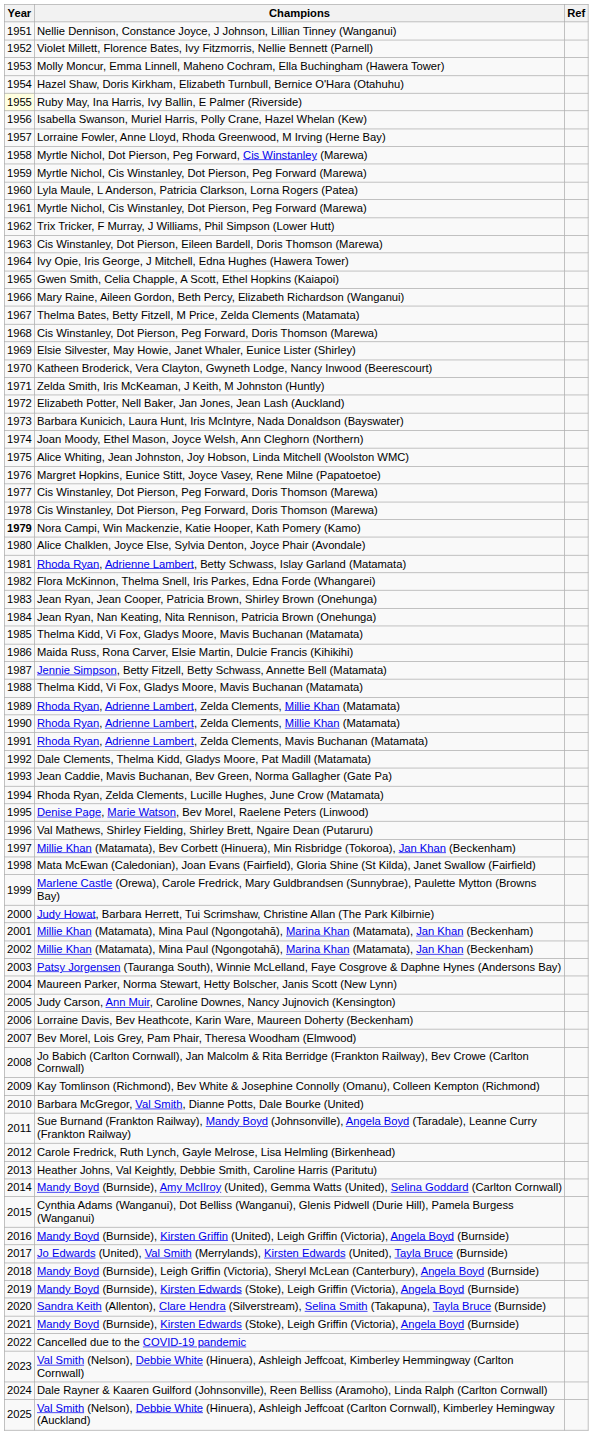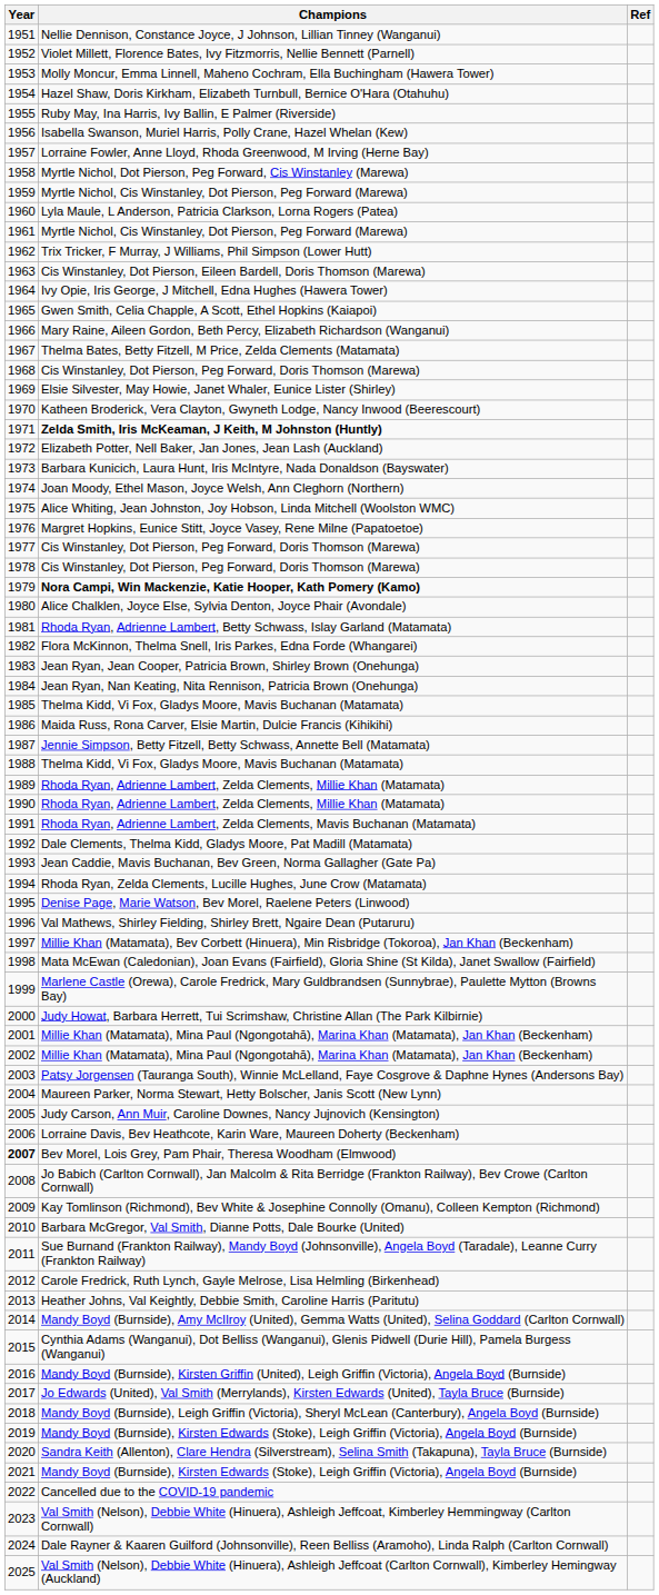 <table class="sortable wikitable">
 <tr>
 <th width="30">Year</th>
 <th width="750">Champions</th>
 <th width="20">Ref</th>
 </tr>
 <tr>
 <td align=center>1951</td>
 <td>Nellie Dennison, Constance Joyce, J Johnson, Lillian Tinney (Wanganui)</td>
 <td></td>
 </tr>
 <tr>
 <td align=center>1952</td>
 <td>Violet Millett, Florence Bates, Ivy Fitzmorris, Nellie Bennett (Parnell)</td>
 <td></td>
 </tr>
 <tr>
 <td align=center>1953</td>
 <td>Molly Moncur, Emma Linnell, Maheno Cochram, Ella Buchingham (Hawera Tower)</td>
 <td></td>
 </tr>
 <tr>
 <td align=center>1954</td>
 <td>Hazel Shaw, Doris Kirkham, Elizabeth Turnbull, Bernice O'Hara (Otahuhu)</td>
 <td></td>
 </tr>
 <tr>
-<td align=center style="background: lightyellow;">1955</td>
+<td align=center>1955</td>
 <td>Ruby May, Ina Harris, Ivy Ballin, E Palmer (Riverside)</td>
 <td></td>
 </tr>
 <tr>
 <td align=center>1956</td>
 <td>Isabella Swanson, Muriel Harris, Polly Crane, Hazel Whelan (Kew)</td>
 <td></td>
 </tr>
 <tr>
 <td align=center>1957</td>
 <td>Lorraine Fowler, Anne Lloyd, Rhoda Greenwood, M Irving (Herne Bay)</td>
 <td></td>
 </tr>
 <tr>
 <td align=center>1958</td>
 <td>Myrtle Nichol, Dot Pierson, Peg Forward, <a href='#'>Cis Winstanley</a> (Marewa)</td>
 <td></td>
 </tr>
 <tr>
 <td align=center>1959</td>
 <td>Myrtle Nichol, Cis Winstanley, Dot Pierson, Peg Forward (Marewa)</td>
 <td></td>
 </tr>
 <tr>
 <td align=center>1960</td>
 <td>Lyla Maule, L Anderson, Patricia Clarkson, Lorna Rogers (Patea)</td>
 <td></td>
 </tr>
 <tr>
 <td align=center>1961</td>
 <td>Myrtle Nichol, Cis Winstanley, Dot Pierson, Peg Forward (Marewa)</td>
 <td></td>
 </tr>
 <tr>
 <td align=center>1962</td>
 <td>Trix Tricker, F Murray, J Williams, Phil Simpson (Lower Hutt)</td>
 <td></td>
 </tr>
 <tr>
 <td align=center>1963</td>
 <td>Cis Winstanley, Dot Pierson, Eileen Bardell, Doris Thomson (Marewa)</td>
 <td></td>
 </tr>
 <tr>
 <td align=center>1964</td>
 <td>Ivy Opie, Iris George, J Mitchell, Edna Hughes (Hawera Tower)</td>
 <td></td>
 </tr>
 <tr>
 <td align=center>1965</td>
 <td>Gwen Smith, Celia Chapple, A Scott, Ethel Hopkins (Kaiapoi)</td>
 <td></td>
 </tr>
 <tr>
 <td align=center>1966</td>
 <td>Mary Raine, Aileen Gordon, Beth Percy, Elizabeth Richardson (Wanganui)</td>
 <td></td>
 </tr>
 <tr>
 <td align=center>1967</td>
 <td>Thelma Bates, Betty Fitzell, M Price, Zelda Clements (Matamata)</td>
 <td></td>
 </tr>
 <tr>
 <td align=center>1968</td>
 <td>Cis Winstanley, Dot Pierson, Peg Forward, Doris Thomson (Marewa)</td>
 <td></td>
 </tr>
 <tr>
 <td align=center>1969</td>
 <td>Elsie Silvester, May Howie, Janet Whaler, Eunice Lister (Shirley)</td>
 <td></td>
 </tr>
 <tr>
 <td align=center>1970</td>
 <td>Katheen Broderick, Vera Clayton, Gwyneth Lodge, Nancy Inwood (Beerescourt)</td>
 <td></td>
 </tr>
 <tr>
 <td align=center>1971</td>
-<td>Zelda Smith, Iris McKeaman, J Keith, M Johnston (Huntly)</td>
+<td><strong>Zelda Smith, Iris McKeaman, J Keith, M Johnston (Huntly)</strong></td>
 <td></td>
 </tr>
 <tr>
 <td align=center>1972</td>
 <td>Elizabeth Potter, Nell Baker, Jan Jones, Jean Lash (Auckland)</td>
 <td></td>
 </tr>
 <tr>
 <td align=center>1973</td>
 <td>Barbara Kunicich, Laura Hunt, Iris McIntyre, Nada Donaldson (Bayswater)</td>
 <td></td>
 </tr>
 <tr>
 <td align=center>1974</td>
 <td>Joan Moody, Ethel Mason, Joyce Welsh, Ann Cleghorn (Northern)</td>
 <td></td>
 </tr>
 <tr>
 <td align=center>1975</td>
 <td>Alice Whiting, Jean Johnston, Joy Hobson, Linda Mitchell (Woolston WMC)</td>
 <td></td>
 </tr>
 <tr>
 <td align=center>1976</td>
 <td>Margret Hopkins, Eunice Stitt, Joyce Vasey, Rene Milne (Papatoetoe)</td>
 <td></td>
 </tr>
 <tr>
 <td align=center>1977</td>
 <td>Cis Winstanley, Dot Pierson, Peg Forward, Doris Thomson (Marewa)</td>
 <td></td>
 </tr>
 <tr>
 <td align=center>1978</td>
 <td>Cis Winstanley, Dot Pierson, Peg Forward, Doris Thomson (Marewa)</td>
 <td></td>
 </tr>
 <tr>
-<td align=center><strong>1979</strong></td>
-<td>Nora Campi, Win Mackenzie, Katie Hooper, Kath Pomery (Kamo)</td>
+<td align=center>1979</td>
+<td><strong>Nora Campi, Win Mackenzie, Katie Hooper, Kath Pomery (Kamo)</strong></td>
 <td></td>
 </tr>
 <tr>
 <td align=center>1980</td>
 <td>Alice Chalklen, Joyce Else, Sylvia Denton, Joyce Phair (Avondale)</td>
 <td></td>
 </tr>
 <tr>
 <td align=center>1981</td>
 <td><a href='#'>Rhoda Ryan</a>, <a href='#'>Adrienne Lambert</a>, Betty Schwass, Islay Garland (Matamata)</td>
 <td></td>
 </tr>
 <tr>
 <td align=center>1982</td>
 <td>Flora McKinnon, Thelma Snell, Iris Parkes, Edna Forde (Whangarei)</td>
 <td></td>
 </tr>
 <tr>
 <td align=center>1983</td>
 <td>Jean Ryan, Jean Cooper, Patricia Brown, Shirley Brown (Onehunga)</td>
 <td></td>
 </tr>
 <tr>
 <td align=center>1984</td>
 <td>Jean Ryan, Nan Keating, Nita Rennison, Patricia Brown (Onehunga)</td>
 <td></td>
 </tr>
 <tr>
 <td align=center>1985</td>
 <td>Thelma Kidd, Vi Fox, Gladys Moore, Mavis Buchanan (Matamata)</td>
 <td></td>
 </tr>
 <tr>
 <td align=center>1986</td>
 <td>Maida Russ, Rona Carver, Elsie Martin, Dulcie Francis (Kihikihi)</td>
 <td></td>
 </tr>
 <tr>
 <td align=center>1987</td>
 <td><a href='#'>Jennie Simpson</a>, Betty Fitzell, Betty Schwass, Annette Bell (Matamata)</td>
 <td></td>
 </tr>
 <tr>
 <td align=center>1988</td>
 <td>Thelma Kidd, Vi Fox, Gladys Moore, Mavis Buchanan (Matamata)</td>
 <td></td>
 </tr>
 <tr>
 <td align=center>1989</td>
 <td><a href='#'>Rhoda Ryan</a>, <a href='#'>Adrienne Lambert</a>, Zelda Clements, <a href='#'>Millie Khan</a> (Matamata)</td>
 <td></td>
 </tr>
 <tr>
 <td align=center>1990</td>
 <td><a href='#'>Rhoda Ryan</a>, <a href='#'>Adrienne Lambert</a>, Zelda Clements, <a href='#'>Millie Khan</a> (Matamata)</td>
 <td></td>
 </tr>
 <tr>
 <td align=center>1991</td>
 <td><a href='#'>Rhoda Ryan</a>, <a href='#'>Adrienne Lambert</a>, Zelda Clements, Mavis Buchanan (Matamata)</td>
 <td></td>
 </tr>
 <tr>
 <td align=center>1992</td>
 <td>Dale Clements, Thelma Kidd, Gladys Moore, Pat Madill (Matamata)</td>
 <td></td>
 </tr>
 <tr>
 <td align=center>1993</td>
 <td>Jean Caddie, Mavis Buchanan, Bev Green, Norma Gallagher (Gate Pa)</td>
 <td></td>
 </tr>
 <tr>
 <td align=center>1994</td>
 <td>Rhoda Ryan, Zelda Clements, Lucille Hughes, June Crow (Matamata)</td>
 <td></td>
 </tr>
 <tr>
 <td align=center>1995</td>
 <td><a href='#'>Denise Page</a>, <a href='#'>Marie Watson</a>, Bev Morel, Raelene Peters (Linwood)</td>
 <td></td>
 </tr>
 <tr>
 <td align=center>1996</td>
 <td>Val Mathews, Shirley Fielding, Shirley Brett, Ngaire Dean (Putaruru)</td>
 <td></td>
 </tr>
 <tr>
 <td align=center>1997</td>
 <td><a href='#'>Millie Khan</a> (Matamata), Bev Corbett (Hinuera), Min Risbridge (Tokoroa), <a href='#'>Jan Khan</a> (Beckenham)</td>
 <td></td>
 </tr>
 <tr>
 <td align=center>1998</td>
 <td>Mata McEwan (Caledonian), Joan Evans (Fairfield), Gloria Shine (St Kilda), Janet Swallow (Fairfield)</td>
 <td></td>
 </tr>
 <tr>
 <td align=center>1999</td>
 <td><a href='#'>Marlene Castle</a> (Orewa), Carole Fredrick, Mary Guldbrandsen (Sunnybrae), Paulette Mytton (Browns Bay)</td>
 <td></td>
 </tr>
 <tr>
 <td align=center>2000</td>
 <td><a href='#'>Judy Howat</a>, Barbara Herrett, Tui Scrimshaw, Christine Allan (The Park Kilbirnie)</td>
 <td></td>
 </tr>
 <tr>
 <td align=center>2001</td>
 <td><a href='#'>Millie Khan</a> (Matamata), Mina Paul (Ngongotahā), <a href='#'>Marina Khan</a> (Matamata), <a href='#'>Jan Khan</a> (Beckenham)</td>
 <td></td>
 </tr>
 <tr>
 <td align=center>2002</td>
 <td><a href='#'>Millie Khan</a> (Matamata), Mina Paul (Ngongotahā), <a href='#'>Marina Khan</a> (Matamata), <a href='#'>Jan Khan</a> (Beckenham)</td>
 <td></td>
 </tr>
 <tr>
 <td align=center>2003</td>
 <td><a href='#'>Patsy Jorgensen</a> (Tauranga South), Winnie McLelland, Faye Cosgrove & Daphne Hynes (Andersons Bay)</td>
 <td></td>
 </tr>
 <tr>
 <td align=center>2004</td>
 <td>Maureen Parker, Norma Stewart, Hetty Bolscher, Janis Scott (New Lynn)</td>
 <td></td>
 </tr>
 <tr>
 <td align=center>2005</td>
 <td>Judy Carson, <a href='#'>Ann Muir</a>, Caroline Downes, Nancy Jujnovich (Kensington)</td>
 <td></td>
 </tr>
 <tr>
 <td align=center>2006</td>
 <td>Lorraine Davis, Bev Heathcote, Karin Ware, Maureen Doherty (Beckenham)</td>
 <td></td>
 </tr>
 <tr>
-<td align=center>2007</td>
+<td align=center><strong>2007</strong></td>
 <td>Bev Morel, Lois Grey, Pam Phair, Theresa Woodham (Elmwood)</td>
 <td></td>
 </tr>
 <tr>
 <td align=center>2008</td>
 <td>Jo Babich (Carlton Cornwall), Jan Malcolm & Rita Berridge (Frankton Railway), Bev Crowe (Carlton Cornwall)</td>
 <td></td>
 </tr>
 <tr>
 <td align=center>2009</td>
 <td>Kay Tomlinson (Richmond), Bev White & Josephine Connolly (Omanu), Colleen Kempton (Richmond)</td>
 <td></td>
 </tr>
 <tr>
 <td align=center>2010</td>
 <td>Barbara McGregor, <a href='#'>Val Smith</a>, Dianne Potts, Dale Bourke (United)</td>
 <td></td>
 </tr>
 <tr>
 <td align=center>2011</td>
 <td>Sue Burnand (Frankton Railway), <a href='#'>Mandy Boyd</a> (Johnsonville), <a href='#'>Angela Boyd</a> (Taradale), Leanne Curry (Frankton Railway)</td>
 <td></td>
 </tr>
 <tr>
 <td align=center>2012</td>
 <td>Carole Fredrick, Ruth Lynch, Gayle Melrose, Lisa Helmling (Birkenhead)</td>
 <td></td>
 </tr>
 <tr>
 <td align=center>2013</td>
 <td>Heather Johns, Val Keightly, Debbie Smith, Caroline Harris (Paritutu)</td>
 <td></td>
 </tr>
 <tr>
 <td align=center>2014</td>
 <td><a href='#'>Mandy Boyd</a> (Burnside), <a href='#'>Amy McIlroy</a> (United), Gemma Watts (United), <a href='#'>Selina Goddard</a> (Carlton Cornwall)</td>
 <td></td>
 </tr>
 <tr>
 <td align=center>2015</td>
 <td>Cynthia Adams (Wanganui), Dot Belliss (Wanganui), Glenis Pidwell (Durie Hill), Pamela Burgess (Wanganui)</td>
 <td></td>
 </tr>
 <tr>
 <td align=center>2016</td>
 <td><a href='#'>Mandy Boyd</a> (Burnside), <a href='#'>Kirsten Griffin</a> (United), Leigh Griffin (Victoria), <a href='#'>Angela Boyd</a> (Burnside)</td>
 <td></td>
 </tr>
 <tr>
 <td align=center>2017</td>
 <td><a href='#'>Jo Edwards</a> (United), <a href='#'>Val Smith</a> (Merrylands), <a href='#'>Kirsten Edwards</a> (United), <a href='#'>Tayla Bruce</a> (Burnside)</td>
 <td></td>
 </tr>
 <tr>
 <td align=center>2018</td>
 <td><a href='#'>Mandy Boyd</a> (Burnside), Leigh Griffin (Victoria), Sheryl McLean (Canterbury), <a href='#'>Angela Boyd</a> (Burnside)</td>
 <td></td>
 </tr>
 <tr>
 <td align=center>2019</td>
 <td><a href='#'>Mandy Boyd</a> (Burnside), <a href='#'>Kirsten Edwards</a> (Stoke), Leigh Griffin (Victoria), <a href='#'>Angela Boyd</a> (Burnside)</td>
 <td></td>
 </tr>
 <tr>
 <td align=center>2020</td>
 <td><a href='#'>Sandra Keith</a> (Allenton), <a href='#'>Clare Hendra</a> (Silverstream), <a href='#'>Selina Smith</a> (Takapuna), <a href='#'>Tayla Bruce</a> (Burnside)</td>
 <td></td>
 </tr>
 <tr>
 <td align=center>2021</td>
 <td><a href='#'>Mandy Boyd</a> (Burnside), <a href='#'>Kirsten Edwards</a> (Stoke), Leigh Griffin (Victoria), <a href='#'>Angela Boyd</a> (Burnside)</td>
 <td></td>
 </tr>
 <tr>
 <td align=center>2022</td>
 <td>Cancelled due to the <a href='#'>COVID-19 pandemic</a></td>
 <td></td>
 </tr>
 <tr>
 <td align=center>2023</td>
 <td><a href='#'>Val Smith</a> (Nelson), <a href='#'>Debbie White</a> (Hinuera), Ashleigh Jeffcoat, Kimberley Hemmingway (Carlton Cornwall)</td>
 <td></td>
 </tr>
 <tr>
 <td align=center>2024</td>
 <td>Dale Rayner & Kaaren Guilford (Johnsonville), Reen Belliss (Aramoho), Linda Ralph (Carlton Cornwall)</td>
 <td></td>
 </tr>
 <tr>
 <td align=center>2025</td>
 <td><a href='#'>Val Smith</a> (Nelson), <a href='#'>Debbie White</a> (Hinuera), Ashleigh Jeffcoat (Carlton Cornwall), Kimberley Hemingway (Auckland)</td>
 <td></td>
 </tr>
 </table>
